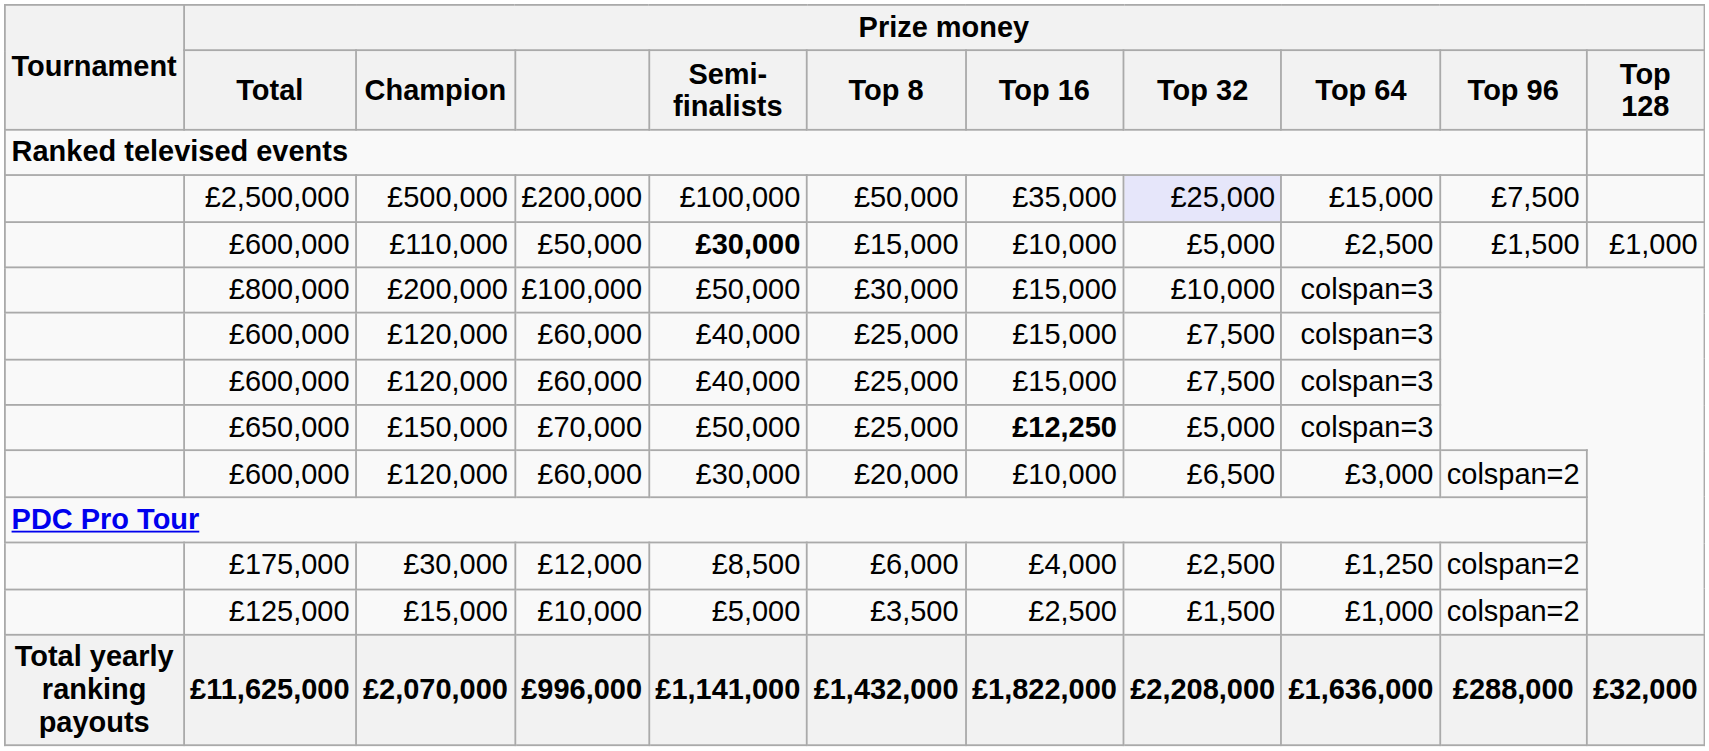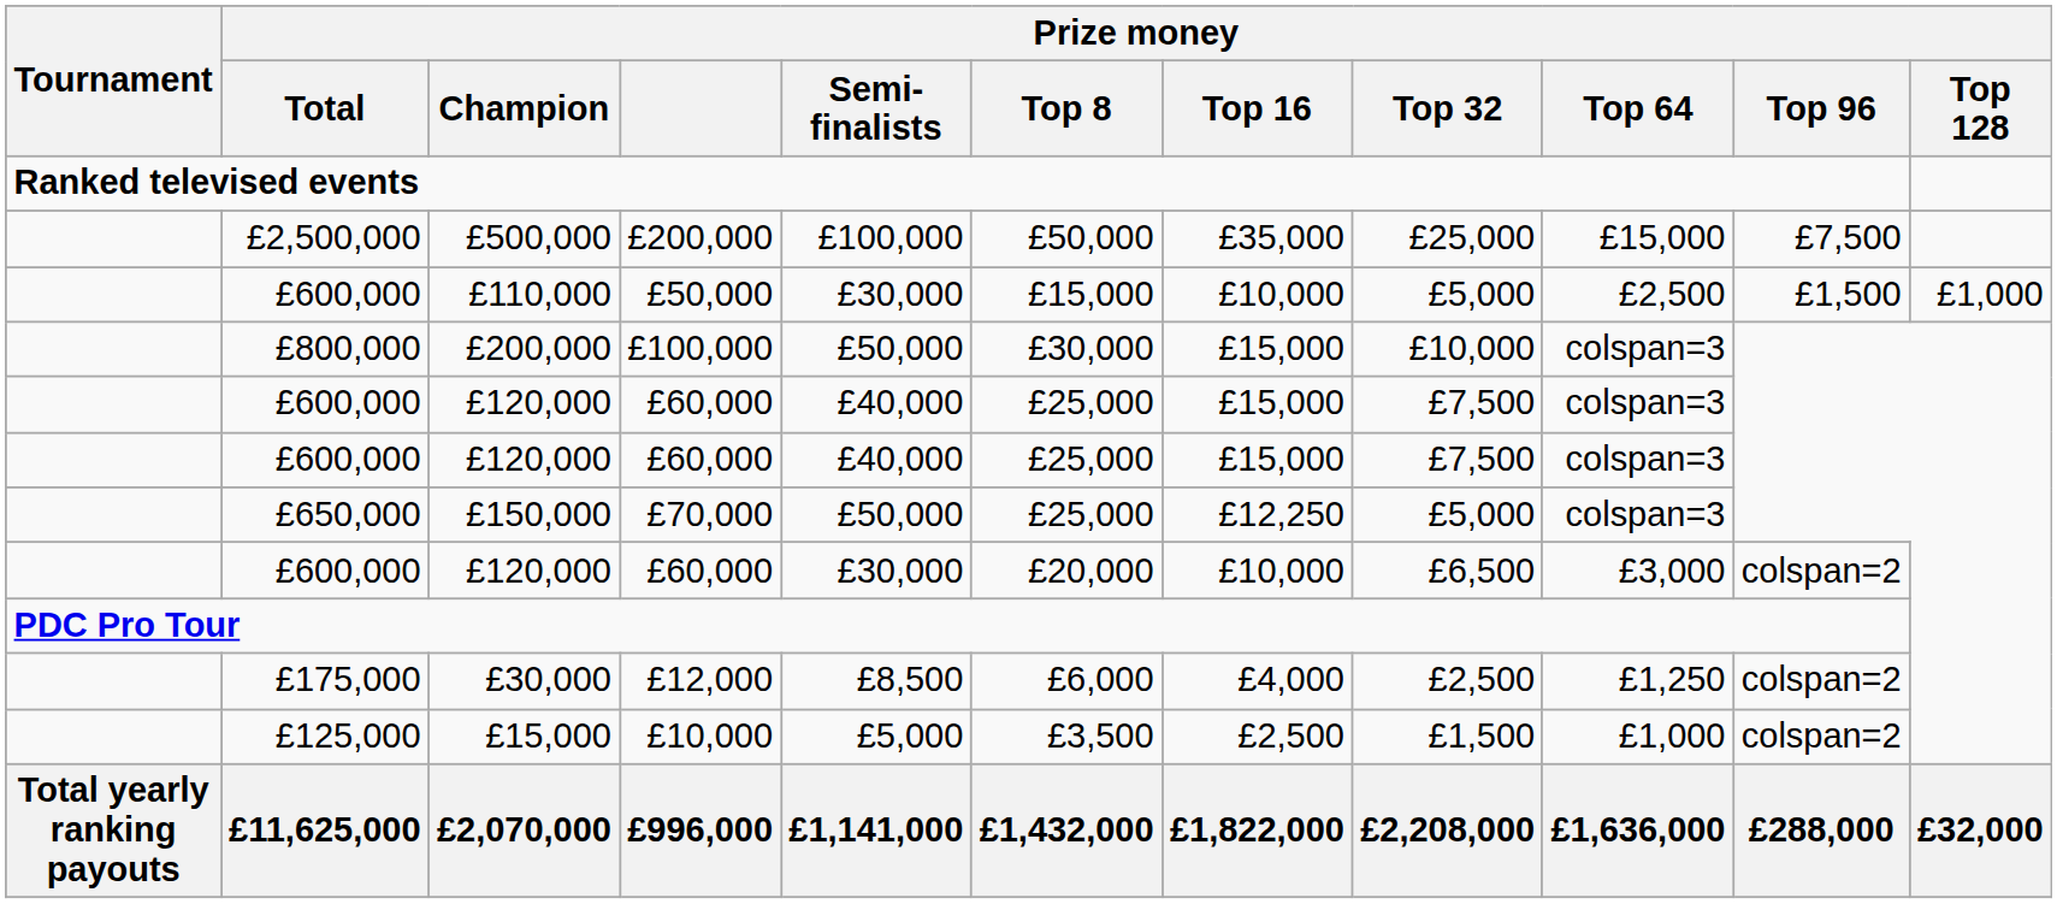 <table class="wikitable" style="text-align:right">
 <tr>
 <th rowspan=2>Tournament</th>
 <th colspan=10>Prize money</th>
 </tr>
 <tr>
 <th>Total</th>
 <th>Champion</th>
 <th></th>
 <th>Semi-finalists</th>
 <th>Top 8</th>
 <th>Top 16</th>
 <th>Top 32</th>
 <th>Top 64</th>
 <th>Top 96</th>
 <th>Top 128</th>
 </tr>
 <tr>
 <td colspan="10" align="left"><strong>Ranked televised events</strong></td>
 </tr>
 <tr>
 <td align="left"></td>
 <td>£2,500,000</td>
 <td>£500,000</td>
 <td>£200,000</td>
 <td>£100,000</td>
 <td>£50,000</td>
 <td>£35,000</td>
-<td style="background: lavender;">£25,000</td>
+<td>£25,000</td>
 <td>£15,000</td>
 <td>£7,500</td>
 <td></td>
 </tr>
 <tr>
 <td align="left"></td>
 <td>£600,000</td>
 <td>£110,000</td>
 <td>£50,000</td>
-<td><strong>£30,000</strong></td>
+<td>£30,000</td>
 <td>£15,000</td>
 <td>£10,000</td>
 <td>£5,000</td>
 <td>£2,500</td>
 <td>£1,500</td>
 <td>£1,000</td>
 </tr>
 <tr>
 <td align="left"></td>
 <td>£800,000</td>
 <td>£200,000</td>
 <td>£100,000</td>
 <td>£50,000</td>
 <td>£30,000</td>
 <td>£15,000</td>
 <td>£10,000</td>
 <td>colspan=3 </td>
 </tr>
 <tr>
 <td align="left"></td>
 <td>£600,000</td>
 <td>£120,000</td>
 <td>£60,000</td>
 <td>£40,000</td>
 <td>£25,000</td>
 <td>£15,000</td>
 <td>£7,500</td>
 <td>colspan=3 </td>
 </tr>
 <tr>
 <td align="left"></td>
 <td>£600,000</td>
 <td>£120,000</td>
 <td>£60,000</td>
 <td>£40,000</td>
 <td>£25,000</td>
 <td>£15,000</td>
 <td>£7,500</td>
 <td>colspan=3 </td>
 </tr>
 <tr>
 <td align="left"></td>
 <td>£650,000</td>
 <td>£150,000</td>
 <td>£70,000</td>
 <td>£50,000</td>
 <td>£25,000</td>
-<td><strong>£12,250</strong></td>
+<td>£12,250</td>
 <td>£5,000</td>
 <td>colspan=3 </td>
 </tr>
 <tr>
 <td align="left"></td>
 <td>£600,000</td>
 <td>£120,000</td>
 <td>£60,000</td>
 <td>£30,000</td>
 <td>£20,000</td>
 <td>£10,000</td>
 <td>£6,500</td>
 <td>£3,000</td>
 <td>colspan=2 </td>
 </tr>
 <tr>
 <td colspan="10" align="left"><strong><a href='#'>PDC Pro Tour</a></strong></td>
 </tr>
 <tr>
 <td align="left"></td>
 <td>£175,000</td>
 <td>£30,000</td>
 <td>£12,000</td>
 <td>£8,500</td>
 <td>£6,000</td>
 <td>£4,000</td>
 <td>£2,500</td>
 <td>£1,250</td>
 <td>colspan=2 </td>
 </tr>
 <tr>
 <td align="left"></td>
 <td>£125,000</td>
 <td>£15,000</td>
 <td>£10,000</td>
 <td>£5,000</td>
 <td>£3,500</td>
 <td>£2,500</td>
 <td>£1,500</td>
 <td>£1,000</td>
 <td>colspan=2 </td>
 </tr>
 <tr>
 <th>Total yearly ranking payouts</th>
 <th>£11,625,000</th>
 <th>£2,070,000</th>
 <th>£996,000</th>
 <th>£1,141,000</th>
 <th>£1,432,000</th>
 <th>£1,822,000</th>
 <th>£2,208,000</th>
 <th>£1,636,000</th>
 <th>£288,000</th>
 <th>£32,000</th>
 </tr>
 </table>
